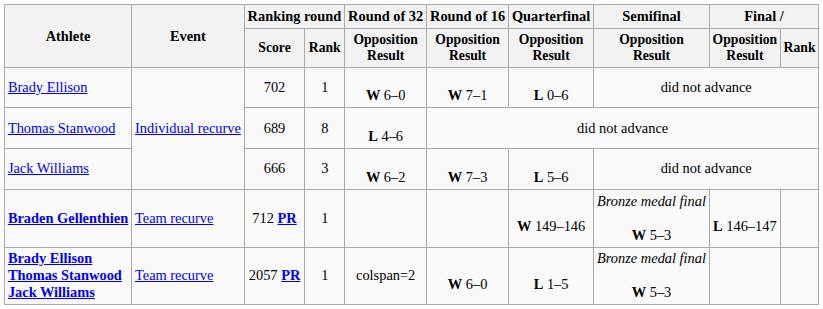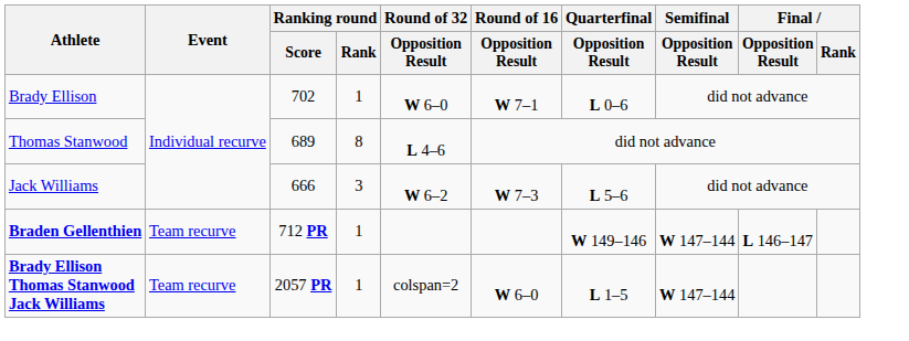 <table class=wikitable style=font-size:90%;text-align:center>
 <tr>
 <th rowspan=2>Athlete</th>
 <th rowspan=2>Event</th>
 <th colspan=2>Ranking round</th>
 <th>Round of 32</th>
 <th>Round of 16</th>
 <th>Quarterfinal</th>
 <th>Semifinal</th>
 <th colspan=2>Final / </th>
 </tr>
 <tr style=font-size:95%>
 <th>Score</th>
 <th>Rank</th>
 <th>Opposition<br>Result</th>
 <th>Opposition<br>Result</th>
 <th>Opposition<br>Result</th>
 <th>Opposition<br>Result</th>
 <th>Opposition<br>Result</th>
 <th>Rank</th>
 </tr>
 <tr>
 <td align=left><a href='#'>Brady Ellison</a></td>
 <td align=left rowspan=3><a href='#'>Individual recurve</a></td>
 <td>702 </td>
 <td>1</td>
 <td><br><strong>W</strong> 6–0</td>
 <td><br><strong>W</strong> 7–1</td>
 <td><br><strong>L</strong> 0–6</td>
 <td colspan=3>did not advance</td>
 </tr>
 <tr>
 <td align=left><a href='#'>Thomas Stanwood</a></td>
 <td>689</td>
 <td>8</td>
 <td><br><strong>L</strong> 4–6</td>
 <td colspan=5>did not advance</td>
 </tr>
 <tr>
 <td align=left><a href='#'>Jack Williams</a></td>
 <td>666</td>
 <td>3</td>
 <td><br><strong>W</strong> 6–2</td>
 <td><br><strong>W</strong> 7–3</td>
 <td><br><strong>L</strong> 5–6</td>
 <td colspan=3>did not advance</td>
 </tr>
 <tr>
 <td align=left><strong><a href='#'>Braden Gellenthien</a></strong></td>
 <td align=left><a href='#'>Team recurve</a></td>
 <td>712 <strong><a href='#'>PR</a></strong></td>
 <td>1</td>
 <td></td>
 <td></td>
 <td><br><strong>W</strong> 149–146</td>
-<td><em>Bronze medal final</em><br><br><strong>W</strong> 5–3</td>
+<td><br><strong>W</strong> 147–144</td>
 <td><br><strong>L</strong> 146–147</td>
 <td></td>
 </tr>
 <tr>
 <td align=left><strong><a href='#'>Brady Ellison</a><br><a href='#'>Thomas Stanwood</a><br><a href='#'>Jack Williams</a></strong></td>
 <td align=left><a href='#'>Team recurve</a></td>
 <td>2057 <strong><a href='#'>PR</a></strong></td>
 <td>1</td>
 <td>colspan=2 </td>
 <td><br><strong>W</strong> 6–0</td>
 <td><br><strong>L</strong> 1–5</td>
-<td><em>Bronze medal final</em><br><br><strong>W</strong> 5–3</td>
+<td><br><strong>W</strong> 147–144</td>
 <td></td>
 </tr>
 </table>
